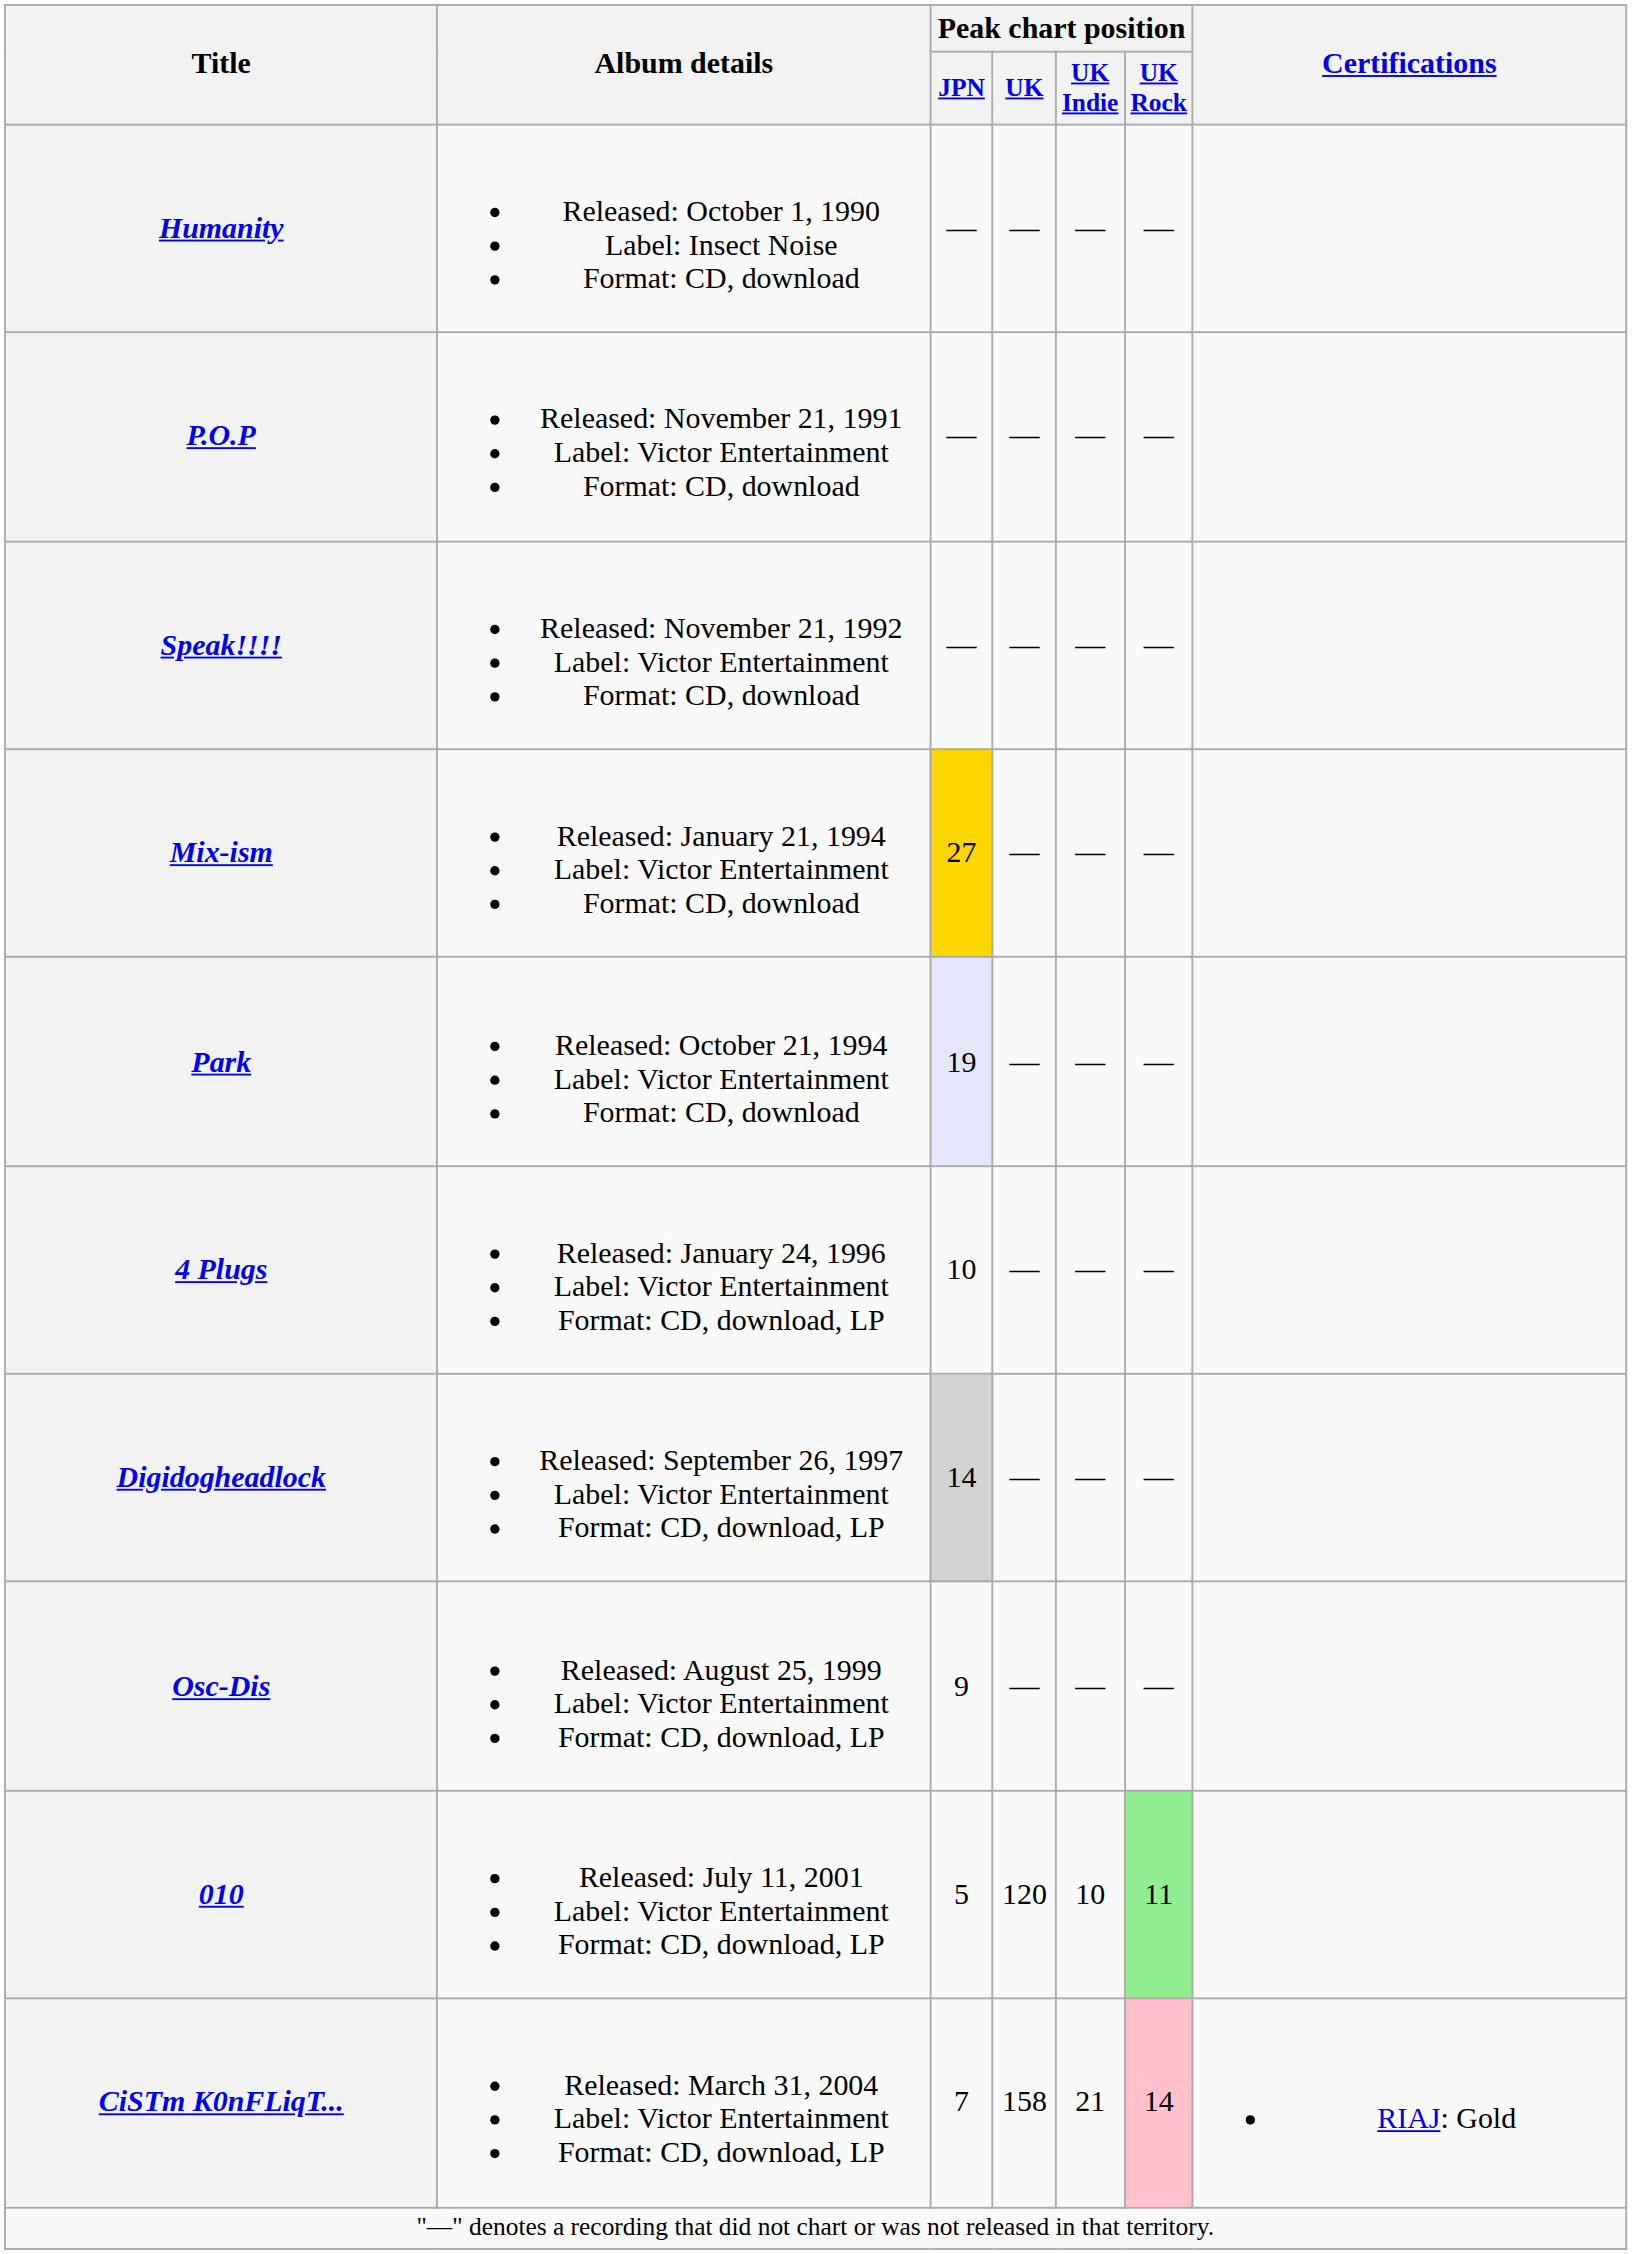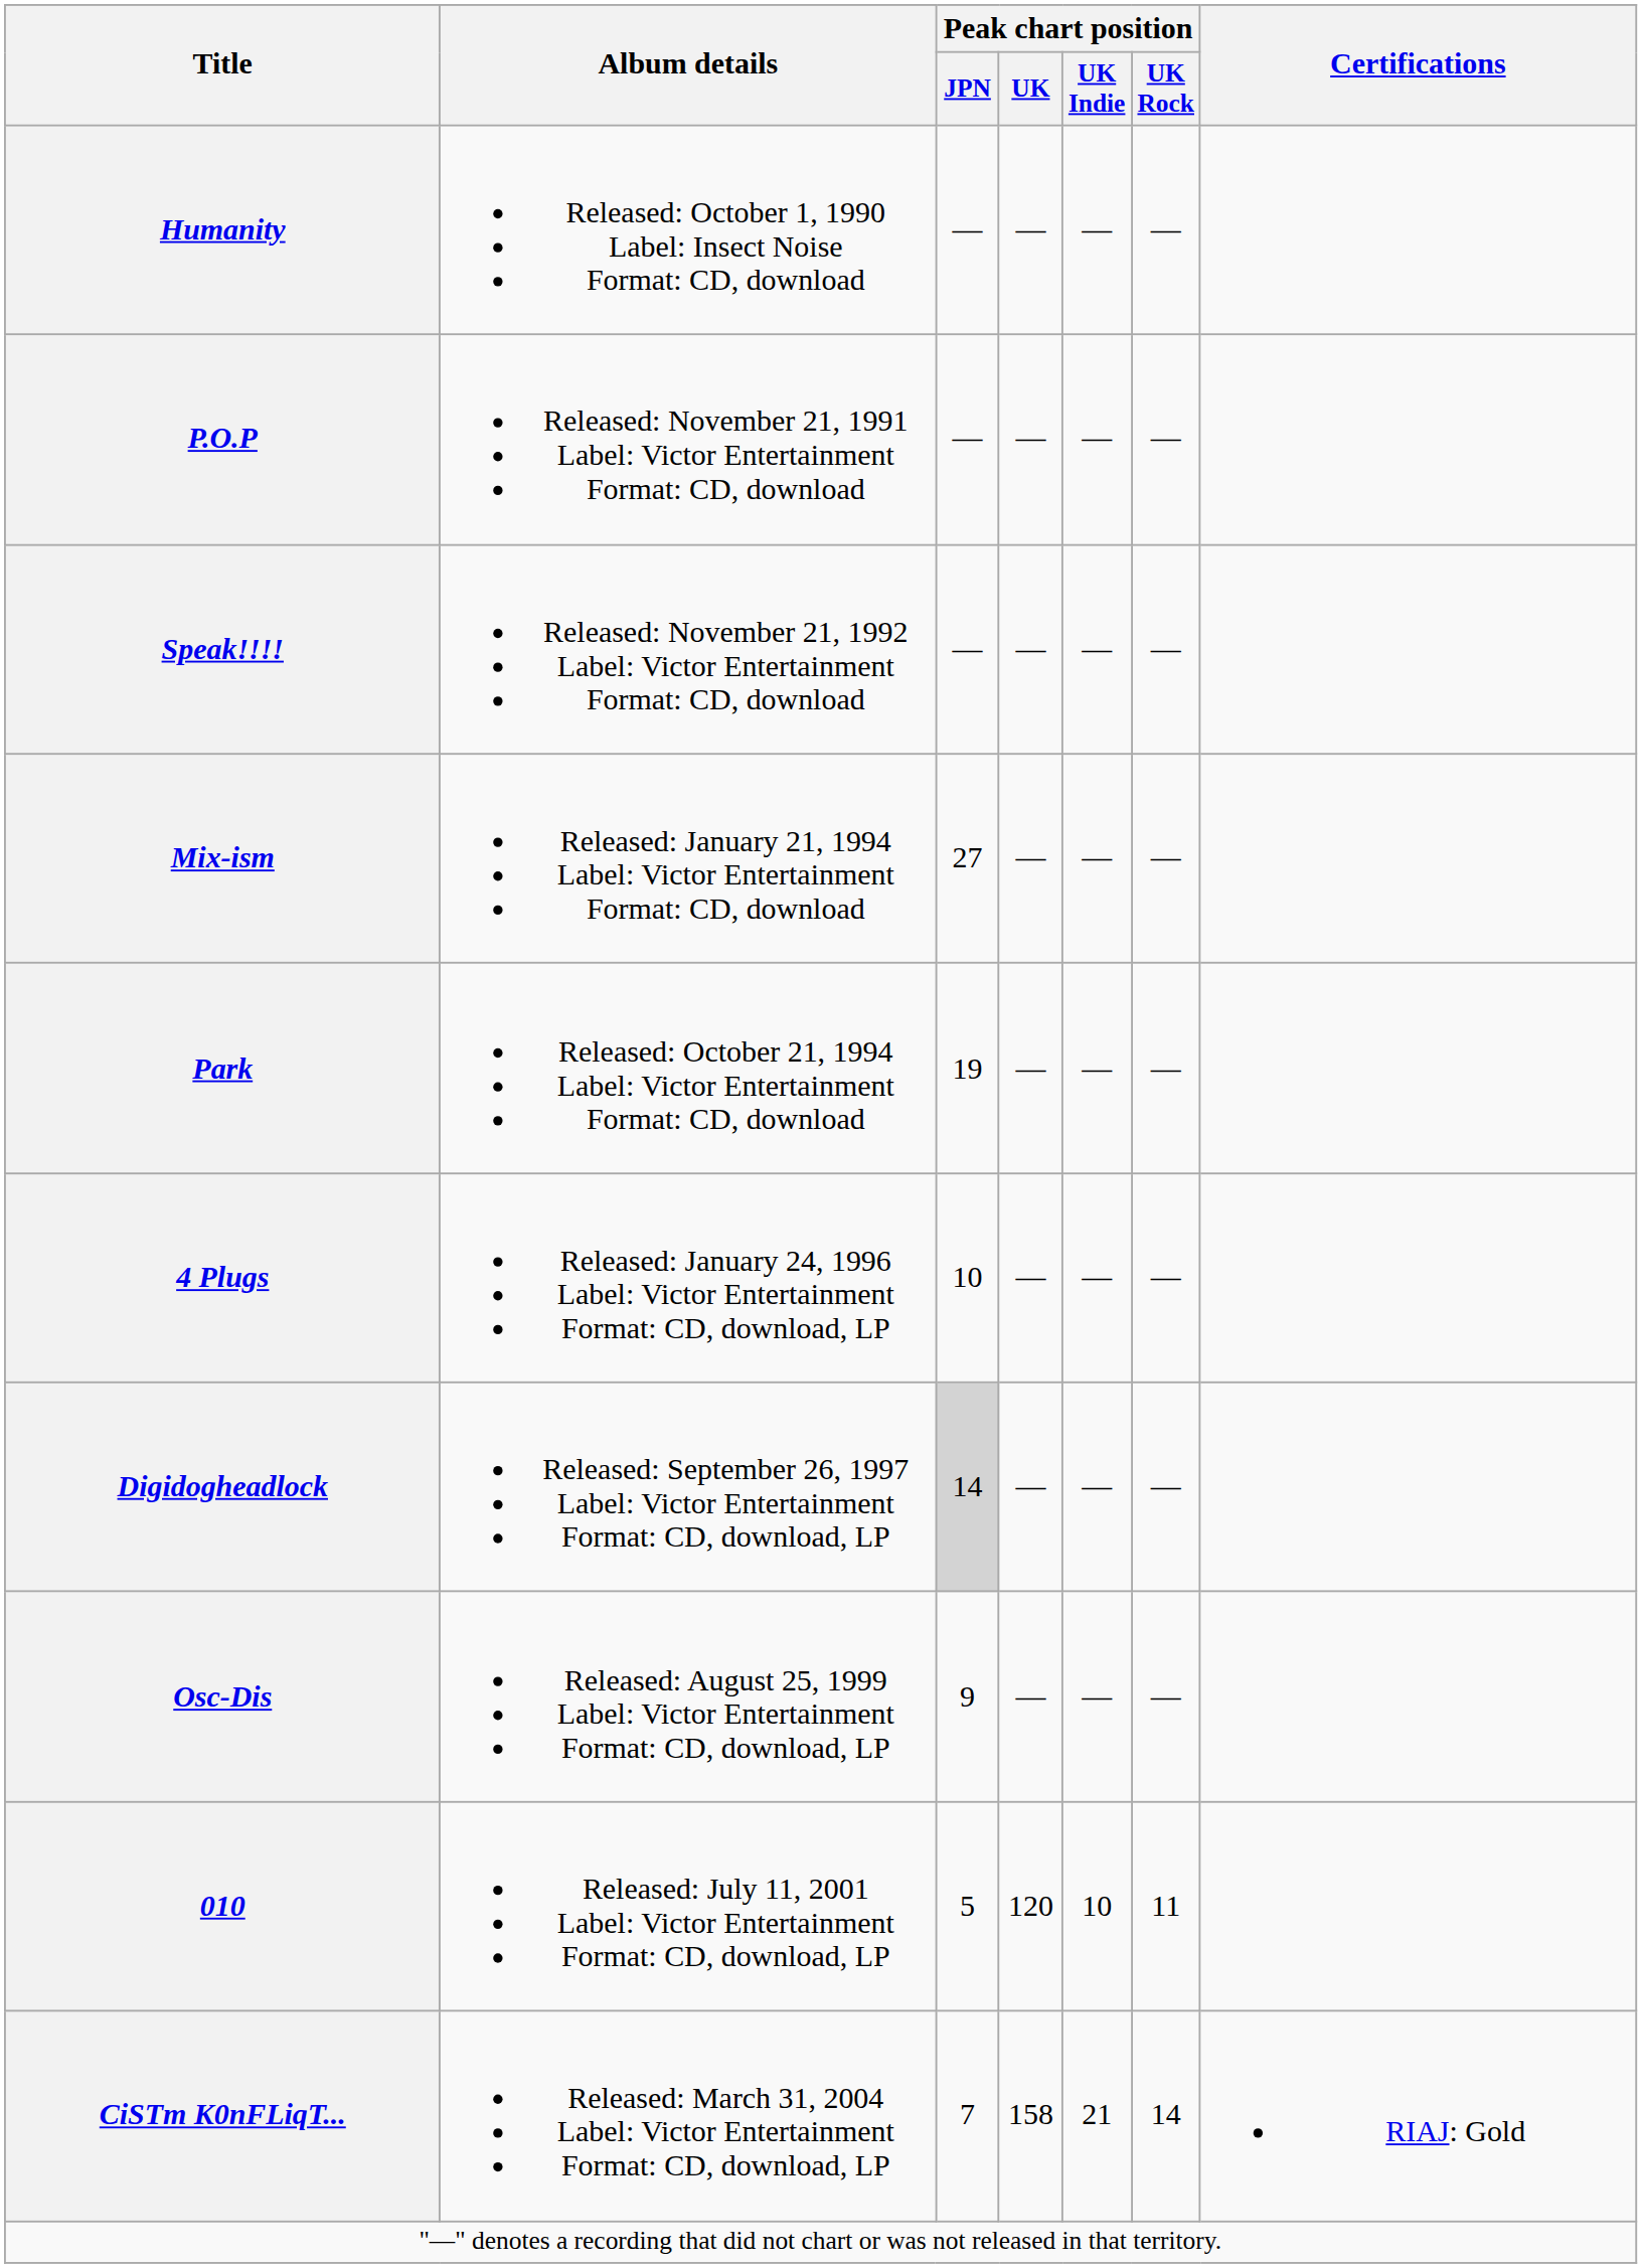 <table class="wikitable plainrowheaders" style="text-align:center;">
 <tr>
 <th scope="col" rowspan="2" style="width:14em;">Title</th>
 <th scope="col" rowspan="2" style="width:16em;">Album details</th>
 <th scope="col" colspan="4">Peak chart position</th>
 <th scope="col" rowspan="2" style="width:14em;"><a href='#'>Certifications</a></th>
 </tr>
 <tr>
 <th scope="col" style="width:2em;font-size:85%;"><a href='#'>JPN</a><br></th>
 <th scope="col" style="width:2em;font-size:85%;"><a href='#'>UK</a><br></th>
 <th scope="col" style="width:2em;font-size:85%;"><a href='#'>UK<br>Indie</a><br></th>
 <th scope="col" style="width:2em;font-size:85%;"><a href='#'>UK<br> Rock</a><br></th>
 </tr>
 <tr>
 <th scope="row"><em><a href='#'>Humanity</a></em></th>
 <td><br><ul><li>Released: October 1, 1990</li><li>Label: Insect Noise</li><li>Format: CD, download</li></ul></td>
 <td>—</td>
 <td>—</td>
 <td>—</td>
 <td>—</td>
 <td></td>
 </tr>
 <tr>
 <th scope="row"><em><a href='#'>P.O.P</a></em></th>
 <td><br><ul><li>Released: November 21, 1991</li><li>Label: Victor Entertainment</li><li>Format: CD, download</li></ul></td>
 <td>—</td>
 <td>—</td>
 <td>—</td>
 <td>—</td>
 <td></td>
 </tr>
 <tr>
 <th scope="row"><em><a href='#'>Speak&excl;&excl;&excl;&excl;</a></em></th>
 <td><br><ul><li>Released: November 21, 1992</li><li>Label: Victor Entertainment</li><li>Format: CD, download</li></ul></td>
 <td>—</td>
 <td>—</td>
 <td>—</td>
 <td>—</td>
 <td></td>
 </tr>
 <tr>
 <th scope="row"><em><a href='#'>Mix-ism</a></em></th>
 <td><br><ul><li>Released: January 21, 1994</li><li>Label: Victor Entertainment</li><li>Format: CD, download</li></ul></td>
-<td style="background: gold;">27</td>
+<td>27</td>
 <td>—</td>
 <td>—</td>
 <td>—</td>
 <td></td>
 </tr>
 <tr>
 <th scope="row"><em><a href='#'>Park</a></em></th>
 <td><br><ul><li>Released: October 21, 1994</li><li>Label: Victor Entertainment</li><li>Format: CD, download</li></ul></td>
-<td style="background: lavender;">19</td>
+<td>19</td>
 <td>—</td>
 <td>—</td>
 <td>—</td>
 <td></td>
 </tr>
 <tr>
 <th scope="row"><em><a href='#'>4 Plugs</a></em></th>
 <td><br><ul><li>Released: January 24, 1996</li><li>Label: Victor Entertainment</li><li>Format: CD, download, LP</li></ul></td>
 <td>10</td>
 <td>—</td>
 <td>—</td>
 <td>—</td>
 <td></td>
 </tr>
 <tr>
 <th scope="row"><em><a href='#'>Digidogheadlock</a></em></th>
 <td><br><ul><li>Released: September 26, 1997</li><li>Label: Victor Entertainment</li><li>Format: CD, download, LP</li></ul></td>
 <td style="background: lightgrey;">14</td>
 <td>—</td>
 <td>—</td>
 <td>—</td>
 <td></td>
 </tr>
 <tr>
 <th scope="row"><em><a href='#'>Osc-Dis</a></em></th>
 <td><br><ul><li>Released: August 25, 1999</li><li>Label: Victor Entertainment</li><li>Format: CD, download, LP</li></ul></td>
 <td>9</td>
 <td>—</td>
 <td>—</td>
 <td>—</td>
 <td></td>
 </tr>
 <tr>
 <th scope="row"><em><a href='#'>010</a></em></th>
 <td><br><ul><li>Released: July 11, 2001</li><li>Label: Victor Entertainment</li><li>Format: CD, download, LP</li></ul></td>
 <td>5</td>
 <td>120</td>
 <td>10</td>
-<td style="background: lightgreen;">11</td>
+<td>11</td>
 <td></td>
 </tr>
 <tr>
 <th scope="row"><em><a href='#'>CiSTm K0nFLiqT...</a></em></th>
 <td><br><ul><li>Released: March 31, 2004</li><li>Label: Victor Entertainment</li><li>Format: CD, download, LP</li></ul></td>
 <td>7</td>
 <td>158</td>
 <td>21</td>
-<td style="background: pink;">14</td>
+<td>14</td>
 <td><br><ul><li><a href='#'>RIAJ</a>: Gold</li></ul></td>
 </tr>
 <tr>
 <td colspan="10" style="font-size:85%">"—" denotes a recording that did not chart or was not released in that territory.</td>
 </tr>
 </table>
